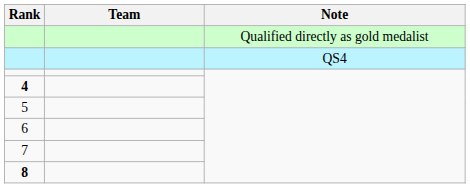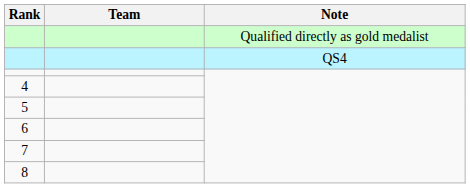 <table class="wikitable">
 <tr>
 <th width=40>Rank</th>
 <th width=180>Team</th>
 <th width=300>Note</th>
 </tr>
 <tr bgcolor=#ccffcc>
 <td align=center></td>
 <td></td>
 <td style="text-align: center;">Qualified directly as gold medalist</td>
 </tr>
 <tr bgcolor=#BBF3FF>
 <td align=center></td>
 <td></td>
 <td style="text-align: center;">QS4</td>
 </tr>
 <tr>
 <td align=center></td>
 <td></td>
 </tr>
 <tr>
-<td align=center><strong>4</strong></td>
+<td align=center>4</td>
 <td></td>
 </tr>
 <tr>
 <td align=center>5</td>
 <td></td>
 </tr>
 <tr>
 <td align=center>6</td>
 <td></td>
 </tr>
 <tr>
 <td align=center>7</td>
 <td></td>
 </tr>
 <tr>
-<td align=center><strong>8</strong></td>
+<td align=center>8</td>
 <td></td>
 </tr>
 </table>
